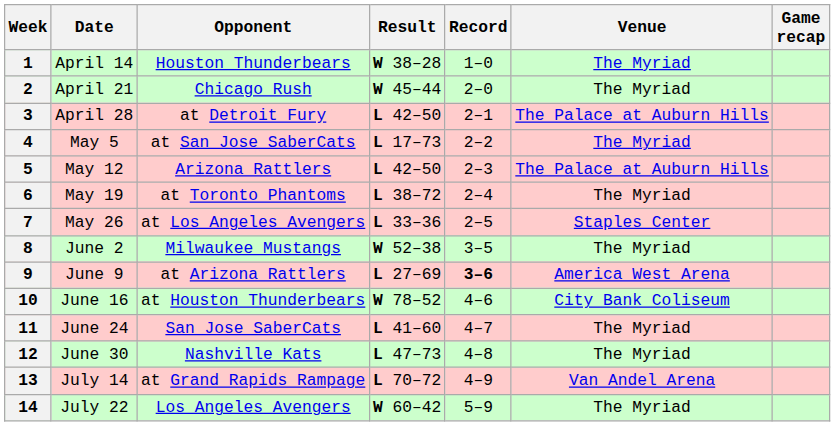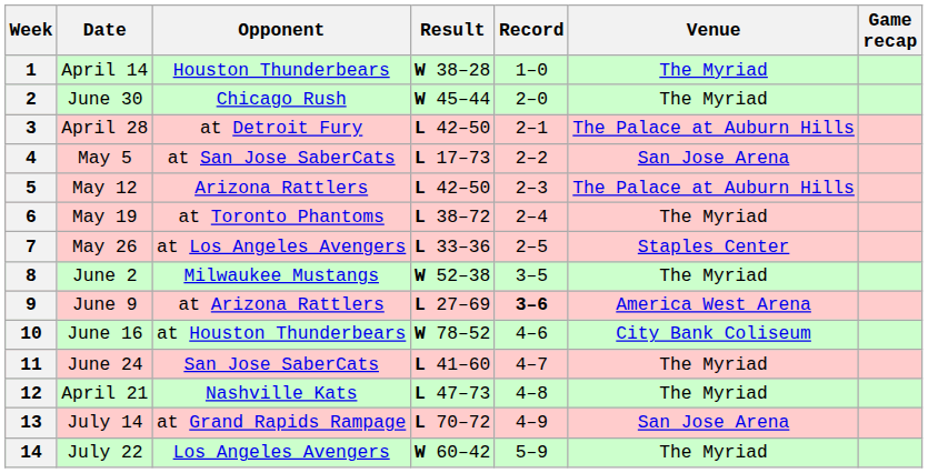 <table class="wikitable" style="text-align:center">
 <tr>
 <th>Week</th>
 <th>Date</th>
 <th>Opponent</th>
 <th>Result</th>
 <th>Record</th>
 <th>Venue</th>
 <th>Game<br>recap</th>
 </tr>
 <tr style="background:#cfc">
 <th>1</th>
 <td>April 14</td>
 <td><a href='#'>Houston Thunderbears</a></td>
 <td><strong>W</strong> 38–28</td>
 <td>1–0</td>
 <td><a href='#'>The Myriad</a></td>
 <td></td>
 </tr>
 <tr style="background:#cfc">
 <th>2</th>
-<td>April 21</td>
+<td>June 30</td>
 <td><a href='#'>Chicago Rush</a></td>
 <td><strong>W</strong> 45–44</td>
 <td>2–0</td>
 <td>The Myriad</td>
 <td></td>
 </tr>
 <tr style="background:#fcc">
 <th>3</th>
 <td>April 28</td>
 <td>at <a href='#'>Detroit Fury</a></td>
 <td><strong>L</strong> 42–50</td>
 <td>2–1</td>
 <td><a href='#'>The Palace at Auburn Hills</a></td>
 <td></td>
 </tr>
 <tr style="background:#fcc">
 <th>4</th>
 <td>May 5</td>
 <td>at <a href='#'>San Jose SaberCats</a></td>
 <td><strong>L</strong> 17–73</td>
 <td>2–2</td>
-<td><a href='#'>The Myriad</a></td>
+<td><a href='#'>San Jose Arena</a></td>
 <td></td>
 </tr>
 <tr style="background:#fcc">
 <th>5</th>
 <td>May 12</td>
 <td><a href='#'>Arizona Rattlers</a></td>
 <td><strong>L</strong> 42–50</td>
 <td>2–3</td>
 <td><a href='#'>The Palace at Auburn Hills</a></td>
 <td></td>
 </tr>
 <tr style="background:#fcc">
 <th>6</th>
 <td>May 19</td>
 <td>at <a href='#'>Toronto Phantoms</a></td>
 <td><strong>L</strong> 38–72</td>
 <td>2–4</td>
 <td>The Myriad</td>
 <td></td>
 </tr>
 <tr style="background:#fcc">
 <th>7</th>
 <td>May 26</td>
 <td>at <a href='#'>Los Angeles Avengers</a></td>
 <td><strong>L</strong> 33–36</td>
 <td>2–5</td>
 <td><a href='#'>Staples Center</a></td>
 <td></td>
 </tr>
 <tr style="background:#cfc">
 <th>8</th>
 <td>June 2</td>
 <td><a href='#'>Milwaukee Mustangs</a></td>
 <td><strong>W</strong> 52–38</td>
 <td>3–5</td>
 <td>The Myriad</td>
 <td></td>
 </tr>
 <tr style="background:#fcc">
 <th>9</th>
 <td>June 9</td>
 <td>at <a href='#'>Arizona Rattlers</a></td>
 <td><strong>L</strong> 27–69</td>
 <td><strong>3–6</strong></td>
 <td><a href='#'>America West Arena</a></td>
 <td></td>
 </tr>
 <tr style="background:#cfc">
 <th>10</th>
 <td>June 16</td>
 <td>at <a href='#'>Houston Thunderbears</a></td>
 <td><strong>W</strong> 78–52</td>
 <td>4–6</td>
 <td><a href='#'>City Bank Coliseum</a></td>
 <td></td>
 </tr>
 <tr style="background:#fcc">
 <th>11</th>
 <td>June 24</td>
 <td><a href='#'>San Jose SaberCats</a></td>
 <td><strong>L</strong> 41–60</td>
 <td>4–7</td>
 <td>The Myriad</td>
 <td></td>
 </tr>
 <tr style="background:#cfc">
 <th>12</th>
-<td>June 30</td>
+<td>April 21</td>
 <td><a href='#'>Nashville Kats</a></td>
 <td><strong>L</strong> 47–73</td>
 <td>4–8</td>
 <td>The Myriad</td>
 <td></td>
 </tr>
 <tr style="background:#fcc">
 <th>13</th>
 <td>July 14</td>
 <td>at <a href='#'>Grand Rapids Rampage</a></td>
 <td><strong>L</strong> 70–72</td>
 <td>4–9</td>
-<td><a href='#'>Van Andel Arena</a></td>
+<td><a href='#'>San Jose Arena</a></td>
 <td></td>
 </tr>
 <tr style="background:#cfc">
 <th>14</th>
 <td>July 22</td>
 <td><a href='#'>Los Angeles Avengers</a></td>
 <td><strong>W</strong> 60–42</td>
 <td>5–9</td>
 <td>The Myriad</td>
 <td></td>
 </tr>
 </table>
